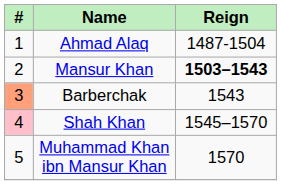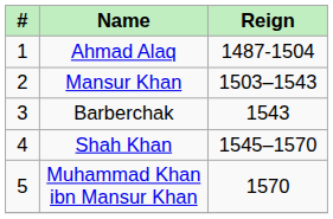 <table class="wikitable" width=30%>
 <tr>
 <th style="background-color:#C0EEC0" width=1%>#</th>
 <th style="background-color:#C0EEC0" width=4%>Name</th>
 <th style="background-color:#C0EEC0" width=4%>Reign</th>
 </tr>
 <tr>
 <td align="center">1</td>
 <td align="center"><a href='#'>Ahmad Alaq</a></td>
 <td align="center">1487-1504</td>
 </tr>
 <tr>
 <td align="center">2</td>
 <td align="center"><a href='#'>Mansur Khan</a></td>
-<td align="center"><strong>1503–1543</strong></td>
+<td align="center">1503–1543</td>
 </tr>
 <tr>
-<td align="center" style="background: lightsalmon;">3</td>
+<td align="center">3</td>
 <td align="center">Barberchak</td>
 <td align="center">1543</td>
 </tr>
 <tr>
-<td align="center" style="background: pink;">4</td>
+<td align="center">4</td>
 <td align="center"><a href='#'>Shah Khan</a></td>
 <td align="center">1545–1570</td>
 </tr>
 <tr>
 <td align="center">5</td>
 <td align="center"><a href='#'>Muhammad Khan ibn Mansur Khan</a></td>
 <td align="center">1570</td>
 </tr>
 <tr>
 </tr>
 </table>
